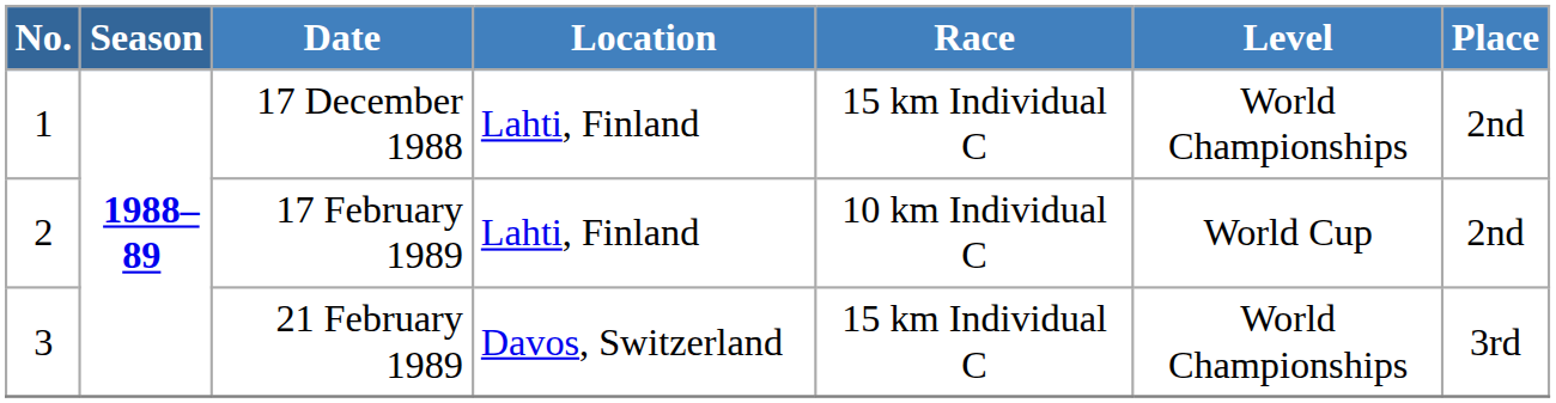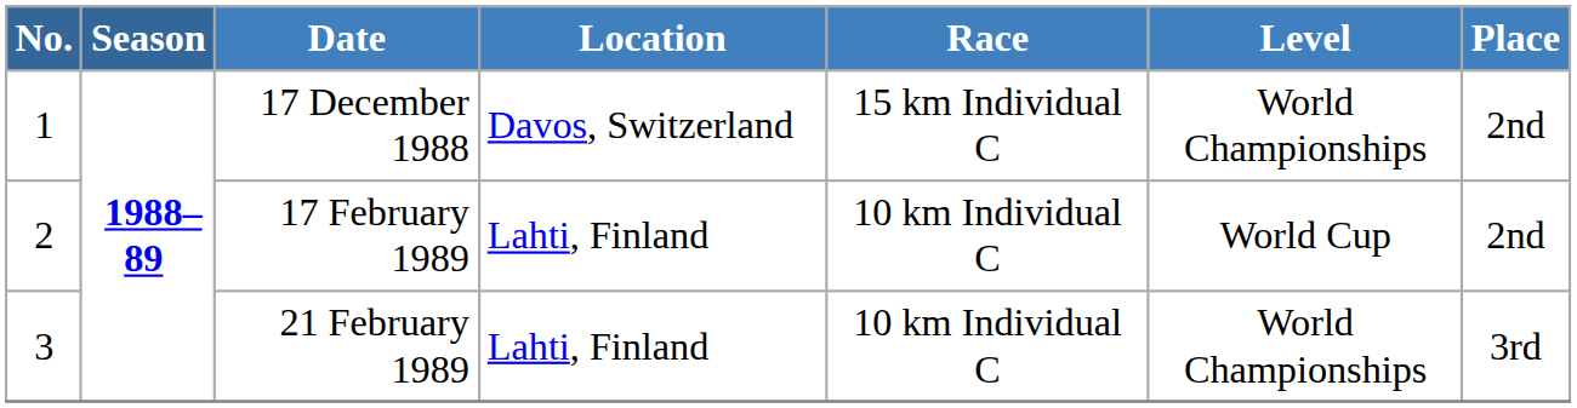 <table class="wikitable sortable" style="font-size:95%; text-align:center; border:grey solid 1px; border-collapse:collapse; background:#ffffff;">
 <tr style="background:#efefef;">
 <th style="background-color:#369; color:white;">No.</th>
 <th style="background-color:#369; color:white;">Season</th>
 <th style="background-color:#4180be; color:white; width:120px;">Date</th>
 <th style="background-color:#4180be; color:white; width:170px;">Location</th>
 <th style="background-color:#4180be; color:white; width:160px;">Race</th>
 <th style="background-color:#4180be; color:white; width:130px;">Level</th>
 <th style="background-color:#4180be; color:white;">Place</th>
 </tr>
 <tr>
 <td align=center>1</td>
 <td rowspan=3 align=center><strong> <a href='#'>1988–89</a> </strong></td>
 <td align=right>17 December 1988</td>
-<td align=left> <a href='#'>Lahti</a>, Finland</td>
+<td align=left> <a href='#'>Davos</a>, Switzerland</td>
 <td>15 km Individual C</td>
 <td>World Championships</td>
 <td>2nd</td>
 </tr>
 <tr>
 <td align=center>2</td>
 <td align=right>17 February 1989</td>
 <td align=left> <a href='#'>Lahti</a>, Finland</td>
 <td>10 km Individual C</td>
 <td>World Cup</td>
 <td>2nd</td>
 </tr>
 <tr>
 <td align=center>3</td>
 <td align=right>21 February 1989</td>
-<td align=left> <a href='#'>Davos</a>, Switzerland</td>
-<td>15 km Individual C</td>
+<td align=left> <a href='#'>Lahti</a>, Finland</td>
+<td>10 km Individual C</td>
 <td>World Championships</td>
 <td>3rd</td>
 </tr>
 <tr>
 </tr>
 </table>
